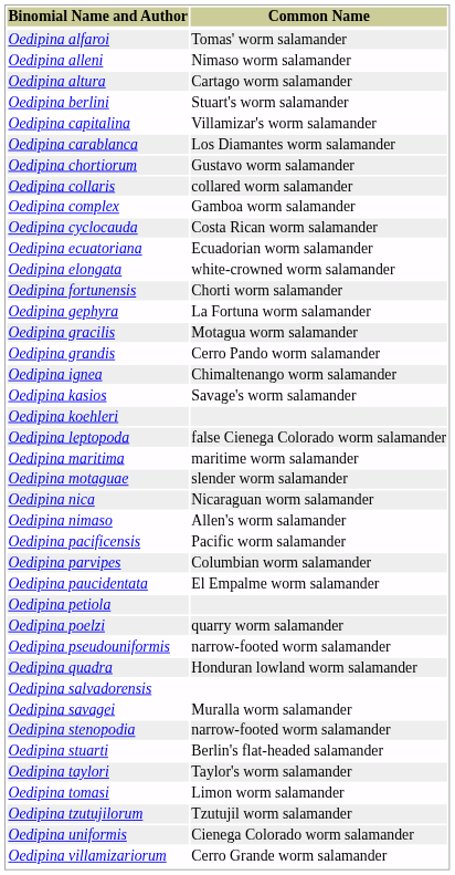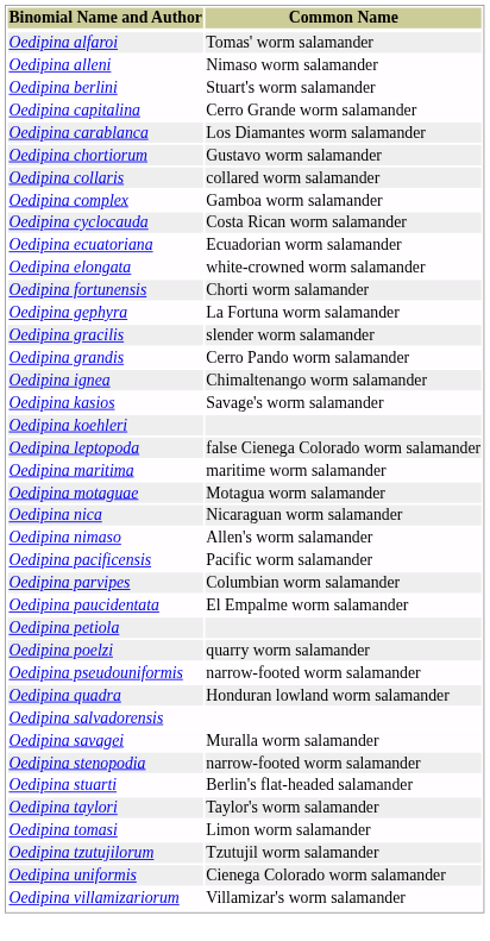 <table style="text-align:left; border:1px solid #999999; ">
 <tr style="background:#CCCC99; text-align: center; ">
 <th>Binomial Name and Author</th>
 <th>Common Name</th>
 </tr>
 <tr>
 </tr>
 <tr style="background:#EEEEEE;">
 <td><em><a href='#'>Oedipina alfaroi</a></em> <br> </td>
 <td>Tomas' worm salamander</td>
 </tr>
 <tr style="background:#FFFDFF;">
 <td><em><a href='#'>Oedipina alleni</a></em> <br> </td>
 <td>Nimaso worm salamander</td>
 </tr>
-<tr style="background:#EEEEEE;">
-<td><em><a href='#'>Oedipina altura</a></em> <br> </td>
-<td>Cartago worm salamander</td>
-</tr>
 <tr style="background:#FFFDFF;">
 <td><em><a href='#'>Oedipina berlini</a></em> <br> </td>
 <td>Stuart's worm salamander</td>
 </tr>
 <tr style="background:#FFFDFF;">
 <td><em><a href='#'>Oedipina capitalina</a></em> <br> </td>
-<td>Villamizar's worm salamander</td>
+<td>Cerro Grande worm salamander</td>
 </tr>
 <tr style="background:#EEEEEE;">
 <td><em><a href='#'>Oedipina carablanca</a></em> <br> </td>
 <td>Los Diamantes worm salamander</td>
 </tr>
 <tr style="background:#EEEEEE;">
 <td><em><a href='#'>Oedipina chortiorum</a></em> <br> </td>
 <td>Gustavo worm salamander</td>
 </tr>
 <tr style="background:#EEEEEE;">
 <td><em><a href='#'>Oedipina collaris</a></em> <br> </td>
 <td>collared worm salamander</td>
 </tr>
 <tr style="background:#FFFDFF;">
 <td><em><a href='#'>Oedipina complex</a></em> <br> </td>
 <td>Gamboa worm salamander</td>
 </tr>
 <tr style="background:#EEEEEE;">
 <td><em><a href='#'>Oedipina cyclocauda</a></em> <br> </td>
 <td>Costa Rican worm salamander</td>
 </tr>
 <tr style="background:#FFFDFF;">
 <td><em><a href='#'>Oedipina ecuatoriana</a></em> <br> </td>
 <td>Ecuadorian worm salamander</td>
 </tr>
 <tr style="background:#FFFDFF;">
 <td><em><a href='#'>Oedipina elongata</a></em> <br> </td>
 <td>white-crowned worm salamander</td>
 </tr>
 <tr style="background:#EEEEEE;">
 <td><em><a href='#'>Oedipina fortunensis</a></em> <br> </td>
 <td>Chorti worm salamander</td>
 </tr>
 <tr style="background:#FFFDFF;">
 <td><em><a href='#'>Oedipina gephyra</a></em> <br> </td>
 <td>La Fortuna worm salamander</td>
 </tr>
 <tr style="background:#EEEEEE;">
 <td><em><a href='#'>Oedipina gracilis</a></em> <br> </td>
-<td>Motagua worm salamander</td>
+<td>slender worm salamander</td>
 </tr>
 <tr style="background:#FFFDFF;">
 <td><em><a href='#'>Oedipina grandis</a></em> <br> </td>
 <td>Cerro Pando worm salamander</td>
 </tr>
 <tr style="background:#EEEEEE;">
 <td><em><a href='#'>Oedipina ignea</a></em> <br> </td>
 <td>Chimaltenango worm salamander</td>
 </tr>
 <tr style="background:#FFFDFF;">
 <td><em><a href='#'>Oedipina kasios</a></em> <br> </td>
 <td>Savage's worm salamander</td>
 </tr>
 <tr style="background:#EEEEEE;">
 <td><em><a href='#'>Oedipina koehleri</a></em> <br> </td>
 <td></td>
 </tr>
 <tr style="background:#EEEEEE;">
 <td><em><a href='#'>Oedipina leptopoda</a></em> <br> </td>
 <td>false Cienega Colorado worm salamander</td>
 </tr>
 <tr style="background:#FFFDFF;">
 <td><em><a href='#'>Oedipina maritima</a></em> <br> </td>
 <td>maritime worm salamander</td>
 </tr>
 <tr style="background:#EEEEEE;">
 <td><em><a href='#'>Oedipina motaguae</a></em> <br> </td>
-<td>slender worm salamander</td>
+<td>Motagua worm salamander</td>
 </tr>
 <tr style="background:#EEEEEE;">
 <td><em><a href='#'>Oedipina nica</a></em> <br> </td>
 <td>Nicaraguan worm salamander</td>
 </tr>
 <tr style="background:#FFFDFF;">
 <td><em><a href='#'>Oedipina nimaso</a></em> <br> </td>
 <td>Allen's worm salamander</td>
 </tr>
 <tr style="background:#FFFDFF;">
 <td><em><a href='#'>Oedipina pacificensis</a></em> <br> </td>
 <td>Pacific worm salamander</td>
 </tr>
 <tr style="background:#EEEEEE;">
 <td><em><a href='#'>Oedipina parvipes</a></em> <br> </td>
 <td>Columbian worm salamander</td>
 </tr>
 <tr style="background:#FFFDFF;">
 <td><em><a href='#'>Oedipina paucidentata</a></em> <br> </td>
 <td>El Empalme worm salamander</td>
 </tr>
 <tr style="background:#EEEEEE;">
 <td><em><a href='#'>Oedipina petiola</a></em> <br> </td>
 <td></td>
 </tr>
 <tr style="background:#EEEEEE;">
 <td><em><a href='#'>Oedipina poelzi</a></em> <br> </td>
 <td>quarry worm salamander</td>
 </tr>
 <tr style="background:#FFFDFF;">
 <td><em><a href='#'>Oedipina pseudouniformis</a></em> <br> </td>
 <td>narrow-footed worm salamander</td>
 </tr>
 <tr style="background:#EEEEEE;">
 <td><em><a href='#'>Oedipina quadra</a></em> <br> </td>
 <td>Honduran lowland worm salamander</td>
 </tr>
 <tr style="background:#FFFDFF;">
 <td><em><a href='#'>Oedipina salvadorensis</a></em> <br> </td>
 <td></td>
 </tr>
 <tr style="background:#FFFDFF;">
 <td><em><a href='#'>Oedipina savagei</a></em> <br> </td>
 <td>Muralla worm salamander</td>
 </tr>
 <tr style="background:#EEEEEE;">
 <td><em><a href='#'>Oedipina stenopodia</a></em> <br> </td>
 <td>narrow-footed worm salamander</td>
 </tr>
 <tr style="background:#FFFDFF;">
 <td><em><a href='#'>Oedipina stuarti</a></em> <br> </td>
 <td>Berlin's flat-headed salamander</td>
 </tr>
 <tr style="background:#EEEEEE;">
 <td><em><a href='#'>Oedipina taylori</a></em> <br> </td>
 <td>Taylor's worm salamander</td>
 </tr>
 <tr style="background:#FFFDFF;">
 <td><em><a href='#'>Oedipina tomasi</a></em> <br> </td>
 <td>Limon worm salamander</td>
 </tr>
 <tr style="background:#EEEEEE;">
 <td><em><a href='#'>Oedipina tzutujilorum</a></em> <br> </td>
 <td>Tzutujil worm salamander</td>
 </tr>
 <tr style="background:#EEEEEE;">
 <td><em><a href='#'>Oedipina uniformis</a></em> <br> </td>
 <td>Cienega Colorado worm salamander</td>
 </tr>
 <tr style="background:#FFFDFF">
 <td><em><a href='#'>Oedipina villamizariorum</a></em> <br> </td>
-<td>Cerro Grande worm salamander</td>
+<td>Villamizar's worm salamander</td>
 </tr>
 <tr>
 </tr>
 </table>
